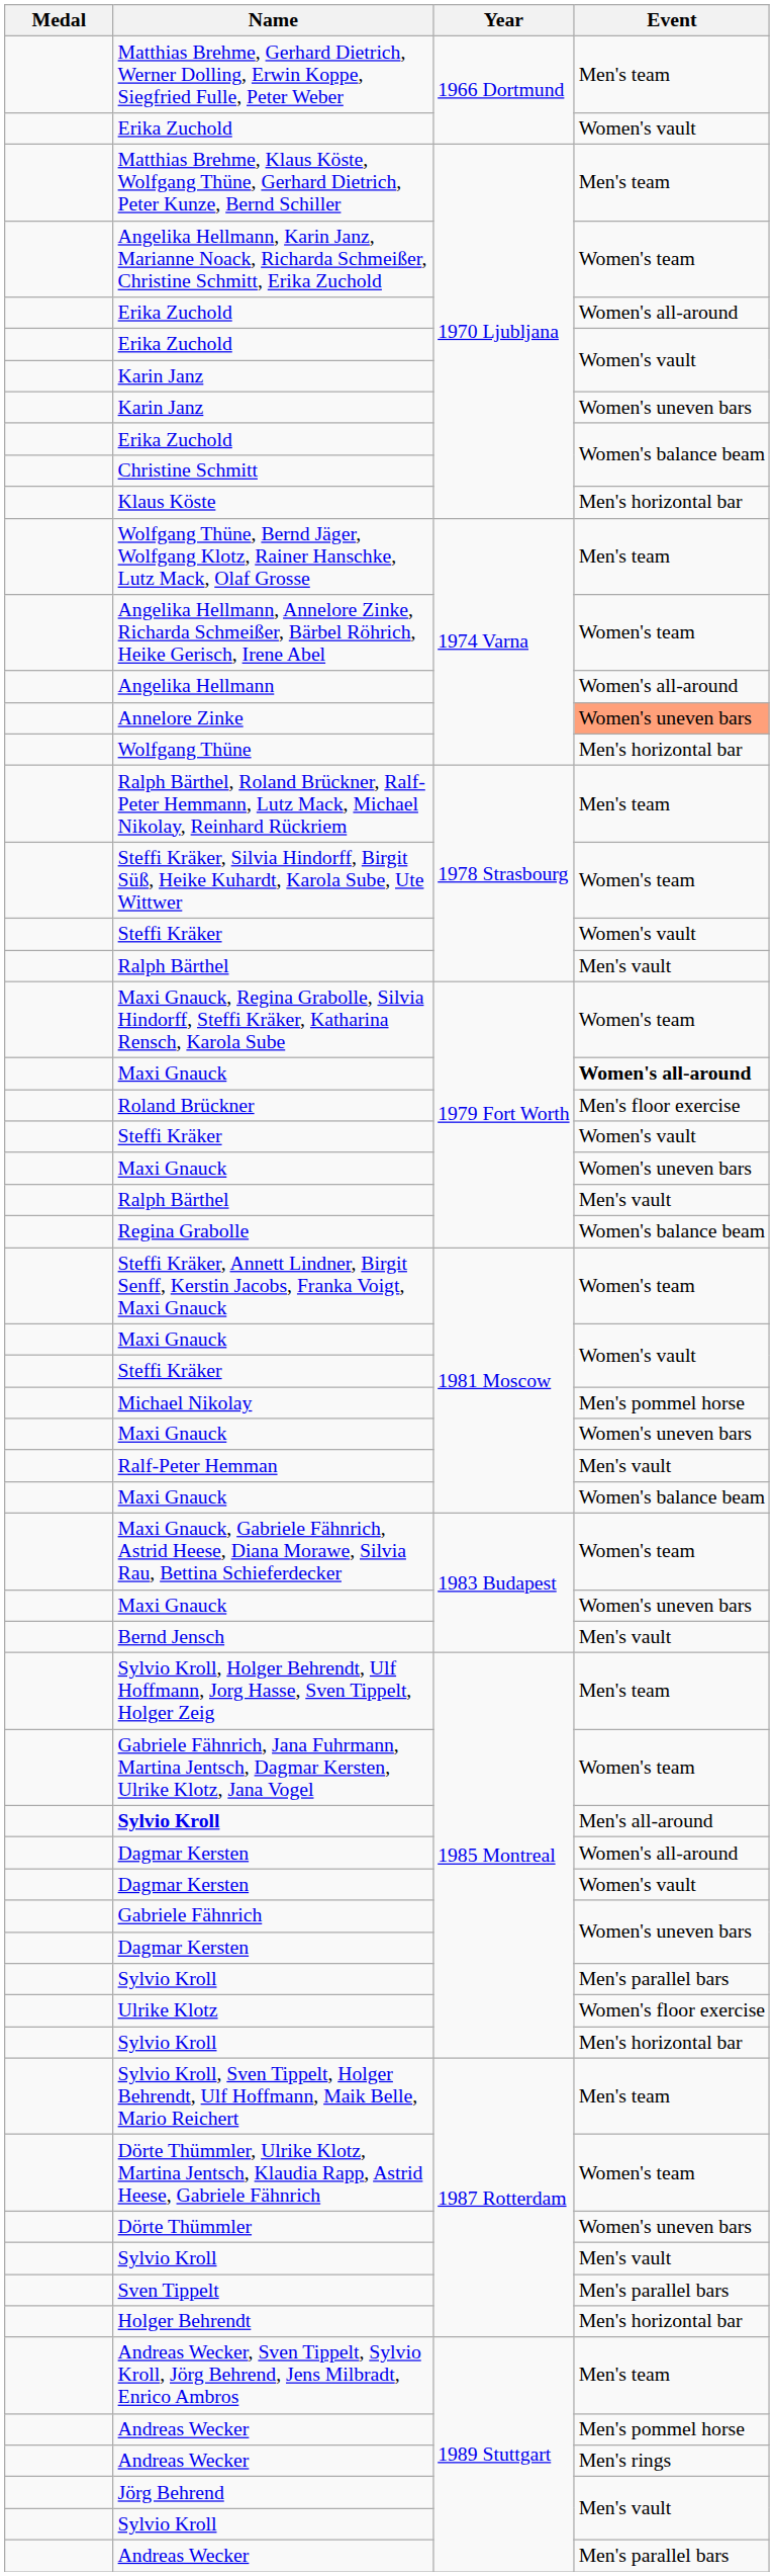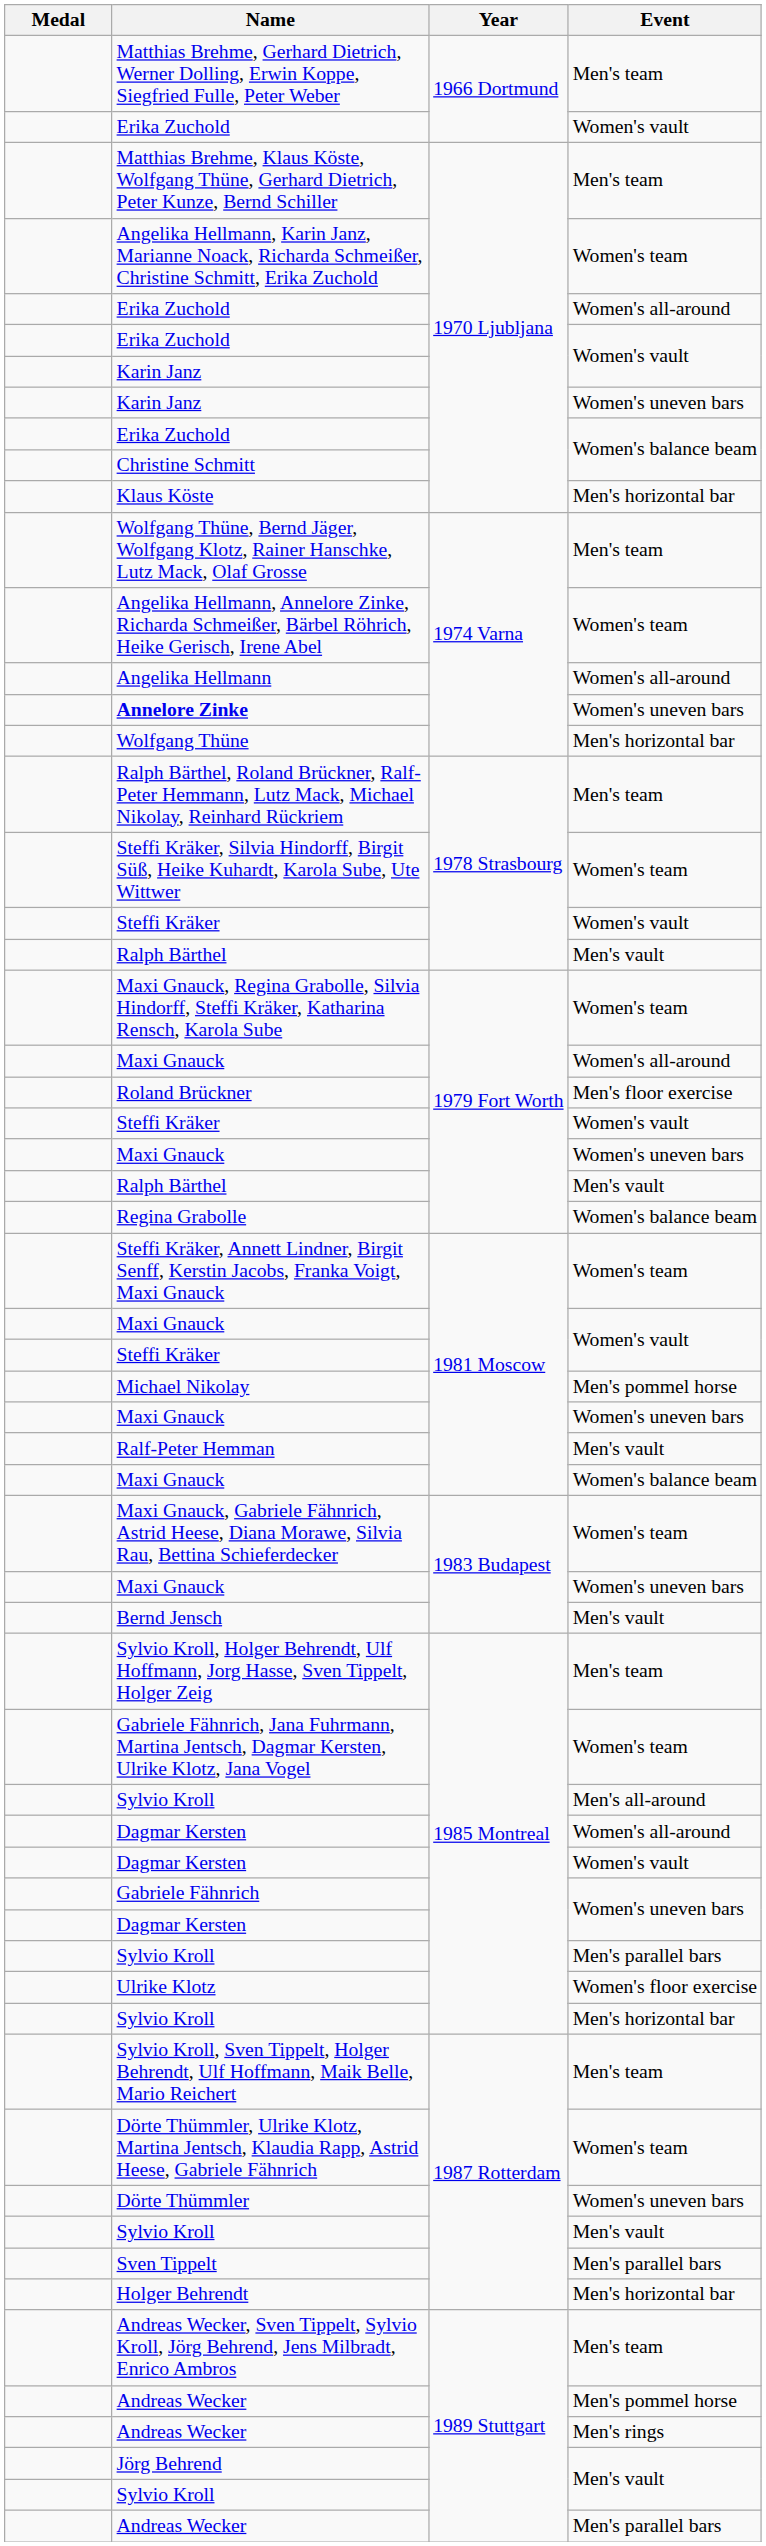 <table class="wikitable sortable">
 <tr>
 <th style="width:5em;">Medal</th>
 <th width=250>Name</th>
 <th>Year</th>
 <th>Event</th>
 </tr>
 <tr>
 <td></td>
 <td><a href='#'>Matthias Brehme</a>, <a href='#'>Gerhard Dietrich</a>, <a href='#'>Werner Dolling</a>, <a href='#'>Erwin Koppe</a>, <a href='#'>Siegfried Fulle</a>, <a href='#'>Peter Weber</a></td>
 <td rowspan="2"> <a href='#'>1966 Dortmund</a></td>
 <td>Men's team</td>
 </tr>
 <tr>
 <td></td>
 <td><a href='#'>Erika Zuchold</a></td>
 <td>Women's vault</td>
 </tr>
 <tr>
 <td></td>
 <td><a href='#'>Matthias Brehme</a>, <a href='#'>Klaus Köste</a>, <a href='#'>Wolfgang Thüne</a>, <a href='#'>Gerhard Dietrich</a>, <a href='#'>Peter Kunze</a>, <a href='#'>Bernd Schiller</a></td>
 <td rowspan="9"> <a href='#'>1970 Ljubljana</a></td>
 <td>Men's team</td>
 </tr>
 <tr>
 <td></td>
 <td><a href='#'>Angelika Hellmann</a>, <a href='#'>Karin Janz</a>, <a href='#'>Marianne Noack</a>, <a href='#'>Richarda Schmeißer</a>, <a href='#'>Christine Schmitt</a>, <a href='#'>Erika Zuchold</a></td>
 <td>Women's team</td>
 </tr>
 <tr>
 <td></td>
 <td><a href='#'>Erika Zuchold</a></td>
 <td>Women's all-around</td>
 </tr>
 <tr>
 <td></td>
 <td><a href='#'>Erika Zuchold</a></td>
 <td rowspan="2">Women's vault</td>
 </tr>
 <tr>
 <td></td>
 <td><a href='#'>Karin Janz</a></td>
 </tr>
 <tr>
 <td></td>
 <td><a href='#'>Karin Janz</a></td>
 <td>Women's uneven bars</td>
 </tr>
 <tr>
 <td></td>
 <td><a href='#'>Erika Zuchold</a></td>
 <td rowspan="2">Women's balance beam</td>
 </tr>
 <tr>
 <td></td>
 <td><a href='#'>Christine Schmitt</a></td>
 </tr>
 <tr>
 <td></td>
 <td><a href='#'>Klaus Köste</a></td>
 <td>Men's horizontal bar</td>
 </tr>
 <tr>
 <td></td>
 <td><a href='#'>Wolfgang Thüne</a>, <a href='#'>Bernd Jäger</a>, <a href='#'>Wolfgang Klotz</a>, <a href='#'>Rainer Hanschke</a>, <a href='#'>Lutz Mack</a>, <a href='#'>Olaf Grosse</a></td>
 <td rowspan="5"> <a href='#'>1974 Varna</a></td>
 <td>Men's team</td>
 </tr>
 <tr>
 <td></td>
 <td><a href='#'>Angelika Hellmann</a>, <a href='#'>Annelore Zinke</a>, <a href='#'>Richarda Schmeißer</a>, <a href='#'>Bärbel Röhrich</a>, <a href='#'>Heike Gerisch</a>, <a href='#'>Irene Abel</a></td>
 <td>Women's team</td>
 </tr>
 <tr>
 <td></td>
 <td><a href='#'>Angelika Hellmann</a></td>
 <td>Women's all-around</td>
 </tr>
 <tr>
 <td></td>
-<td><a href='#'>Annelore Zinke</a></td>
-<td style="background: lightsalmon;">Women's uneven bars</td>
+<td><strong><a href='#'>Annelore Zinke</a></strong></td>
+<td>Women's uneven bars</td>
 </tr>
 <tr>
 <td></td>
 <td><a href='#'>Wolfgang Thüne</a></td>
 <td>Men's horizontal bar</td>
 </tr>
 <tr>
 <td></td>
 <td><a href='#'>Ralph Bärthel</a>, <a href='#'>Roland Brückner</a>, <a href='#'>Ralf-Peter Hemmann</a>, <a href='#'>Lutz Mack</a>, <a href='#'>Michael Nikolay</a>, <a href='#'>Reinhard Rückriem</a></td>
 <td rowspan="4"> <a href='#'>1978 Strasbourg</a></td>
 <td>Men's team</td>
 </tr>
 <tr>
 <td></td>
 <td><a href='#'>Steffi Kräker</a>, <a href='#'>Silvia Hindorff</a>, <a href='#'>Birgit Süß</a>, <a href='#'>Heike Kuhardt</a>, <a href='#'>Karola Sube</a>, <a href='#'>Ute Wittwer</a></td>
 <td>Women's team</td>
 </tr>
 <tr>
 <td></td>
 <td><a href='#'>Steffi Kräker</a></td>
 <td>Women's vault</td>
 </tr>
 <tr>
 <td></td>
 <td><a href='#'>Ralph Bärthel</a></td>
 <td>Men's vault</td>
 </tr>
 <tr>
 <td></td>
 <td><a href='#'>Maxi Gnauck</a>, <a href='#'>Regina Grabolle</a>, <a href='#'>Silvia Hindorff</a>, <a href='#'>Steffi Kräker</a>, <a href='#'>Katharina Rensch</a>, <a href='#'>Karola Sube</a></td>
 <td rowspan="7"> <a href='#'>1979 Fort Worth</a></td>
 <td>Women's team</td>
 </tr>
 <tr>
 <td></td>
 <td><a href='#'>Maxi Gnauck</a></td>
-<td><strong>Women's all-around</strong></td>
+<td>Women's all-around</td>
 </tr>
 <tr>
 <td></td>
 <td><a href='#'>Roland Brückner</a></td>
 <td>Men's floor exercise</td>
 </tr>
 <tr>
 <td></td>
 <td><a href='#'>Steffi Kräker</a></td>
 <td>Women's vault</td>
 </tr>
 <tr>
 <td></td>
 <td><a href='#'>Maxi Gnauck</a></td>
 <td>Women's uneven bars</td>
 </tr>
 <tr>
 <td></td>
 <td><a href='#'>Ralph Bärthel</a></td>
 <td>Men's vault</td>
 </tr>
 <tr>
 <td></td>
 <td><a href='#'>Regina Grabolle</a></td>
 <td>Women's balance beam</td>
 </tr>
 <tr>
 <td></td>
 <td><a href='#'>Steffi Kräker</a>, <a href='#'>Annett Lindner</a>, <a href='#'>Birgit Senff</a>, <a href='#'>Kerstin Jacobs</a>, <a href='#'>Franka Voigt</a>, <a href='#'>Maxi Gnauck</a></td>
 <td rowspan="7"> <a href='#'>1981 Moscow</a></td>
 <td>Women's team</td>
 </tr>
 <tr>
 <td></td>
 <td><a href='#'>Maxi Gnauck</a></td>
 <td rowspan="2">Women's vault</td>
 </tr>
 <tr>
 <td></td>
 <td><a href='#'>Steffi Kräker</a></td>
 </tr>
 <tr>
 <td></td>
 <td><a href='#'>Michael Nikolay</a></td>
 <td>Men's pommel horse</td>
 </tr>
 <tr>
 <td></td>
 <td><a href='#'>Maxi Gnauck</a></td>
 <td>Women's uneven bars</td>
 </tr>
 <tr>
 <td></td>
 <td><a href='#'>Ralf-Peter Hemman</a></td>
 <td>Men's vault</td>
 </tr>
 <tr>
 <td></td>
 <td><a href='#'>Maxi Gnauck</a></td>
 <td>Women's balance beam</td>
 </tr>
 <tr>
 <td></td>
 <td><a href='#'>Maxi Gnauck</a>, <a href='#'>Gabriele Fähnrich</a>, <a href='#'>Astrid Heese</a>, <a href='#'>Diana Morawe</a>, <a href='#'>Silvia Rau</a>, <a href='#'>Bettina Schieferdecker</a></td>
 <td rowspan="3"> <a href='#'>1983 Budapest</a></td>
 <td>Women's team</td>
 </tr>
 <tr>
 <td></td>
 <td><a href='#'>Maxi Gnauck</a></td>
 <td>Women's uneven bars</td>
 </tr>
 <tr>
 <td></td>
 <td><a href='#'>Bernd Jensch</a></td>
 <td>Men's vault</td>
 </tr>
 <tr>
 <td></td>
 <td><a href='#'>Sylvio Kroll</a>, <a href='#'>Holger Behrendt</a>, <a href='#'>Ulf Hoffmann</a>, <a href='#'>Jorg Hasse</a>, <a href='#'>Sven Tippelt</a>, <a href='#'>Holger Zeig</a></td>
 <td rowspan="10"> <a href='#'>1985 Montreal</a></td>
 <td>Men's team</td>
 </tr>
 <tr>
 <td></td>
 <td><a href='#'>Gabriele Fähnrich</a>, <a href='#'>Jana Fuhrmann</a>, <a href='#'>Martina Jentsch</a>, <a href='#'>Dagmar Kersten</a>, <a href='#'>Ulrike Klotz</a>, <a href='#'>Jana Vogel</a></td>
 <td>Women's team</td>
 </tr>
 <tr>
 <td></td>
-<td><strong><a href='#'>Sylvio Kroll</a></strong></td>
+<td><a href='#'>Sylvio Kroll</a></td>
 <td>Men's all-around</td>
 </tr>
 <tr>
 <td></td>
 <td><a href='#'>Dagmar Kersten</a></td>
 <td>Women's all-around</td>
 </tr>
 <tr>
 <td></td>
 <td><a href='#'>Dagmar Kersten</a></td>
 <td>Women's vault</td>
 </tr>
 <tr>
 <td></td>
 <td><a href='#'>Gabriele Fähnrich</a></td>
 <td rowspan="2">Women's uneven bars</td>
 </tr>
 <tr>
 <td></td>
 <td><a href='#'>Dagmar Kersten</a></td>
 </tr>
 <tr>
 <td></td>
 <td><a href='#'>Sylvio Kroll</a></td>
 <td>Men's parallel bars</td>
 </tr>
 <tr>
 <td></td>
 <td><a href='#'>Ulrike Klotz</a></td>
 <td>Women's floor exercise</td>
 </tr>
 <tr>
 <td></td>
 <td><a href='#'>Sylvio Kroll</a></td>
 <td>Men's horizontal bar</td>
 </tr>
 <tr>
 <td></td>
 <td><a href='#'>Sylvio Kroll</a>, <a href='#'>Sven Tippelt</a>, <a href='#'>Holger Behrendt</a>, <a href='#'>Ulf Hoffmann</a>, <a href='#'>Maik Belle</a>, <a href='#'>Mario Reichert</a></td>
 <td rowspan="6"> <a href='#'>1987 Rotterdam</a></td>
 <td>Men's team</td>
 </tr>
 <tr>
 <td></td>
 <td><a href='#'>Dörte Thümmler</a>, <a href='#'>Ulrike Klotz</a>, <a href='#'>Martina Jentsch</a>, <a href='#'>Klaudia Rapp</a>, <a href='#'>Astrid Heese</a>, <a href='#'>Gabriele Fähnrich</a></td>
 <td>Women's team</td>
 </tr>
 <tr>
 <td></td>
 <td><a href='#'>Dörte Thümmler</a></td>
 <td>Women's uneven bars</td>
 </tr>
 <tr>
 <td></td>
 <td><a href='#'>Sylvio Kroll</a></td>
 <td>Men's vault</td>
 </tr>
 <tr>
 <td></td>
 <td><a href='#'>Sven Tippelt</a></td>
 <td>Men's parallel bars</td>
 </tr>
 <tr>
 <td></td>
 <td><a href='#'>Holger Behrendt</a></td>
 <td>Men's horizontal bar</td>
 </tr>
 <tr>
 <td></td>
 <td><a href='#'>Andreas Wecker</a>, <a href='#'>Sven Tippelt</a>, <a href='#'>Sylvio Kroll</a>, <a href='#'>Jörg Behrend</a>, <a href='#'>Jens Milbradt</a>, <a href='#'>Enrico Ambros</a></td>
 <td rowspan="6"> <a href='#'>1989 Stuttgart</a></td>
 <td>Men's team</td>
 </tr>
 <tr>
 <td></td>
 <td><a href='#'>Andreas Wecker</a></td>
 <td>Men's pommel horse</td>
 </tr>
 <tr>
 <td></td>
 <td><a href='#'>Andreas Wecker</a></td>
 <td>Men's rings</td>
 </tr>
 <tr>
 <td></td>
 <td><a href='#'>Jörg Behrend</a></td>
 <td rowspan="2">Men's vault</td>
 </tr>
 <tr>
 <td></td>
 <td><a href='#'>Sylvio Kroll</a></td>
 </tr>
 <tr>
 <td></td>
 <td><a href='#'>Andreas Wecker</a></td>
 <td>Men's parallel bars</td>
 </tr>
 </table>
